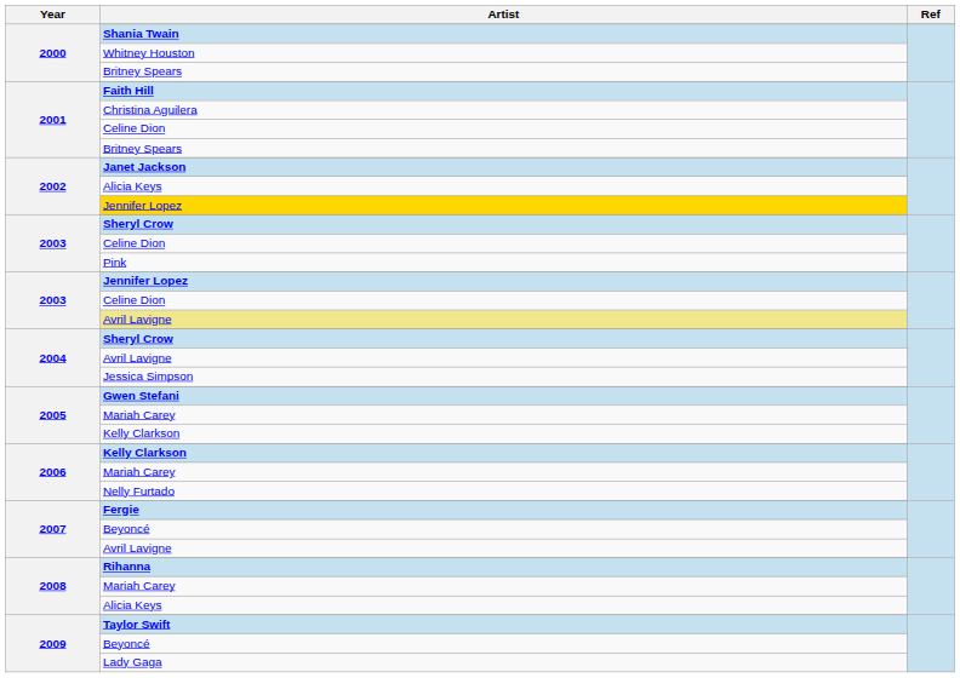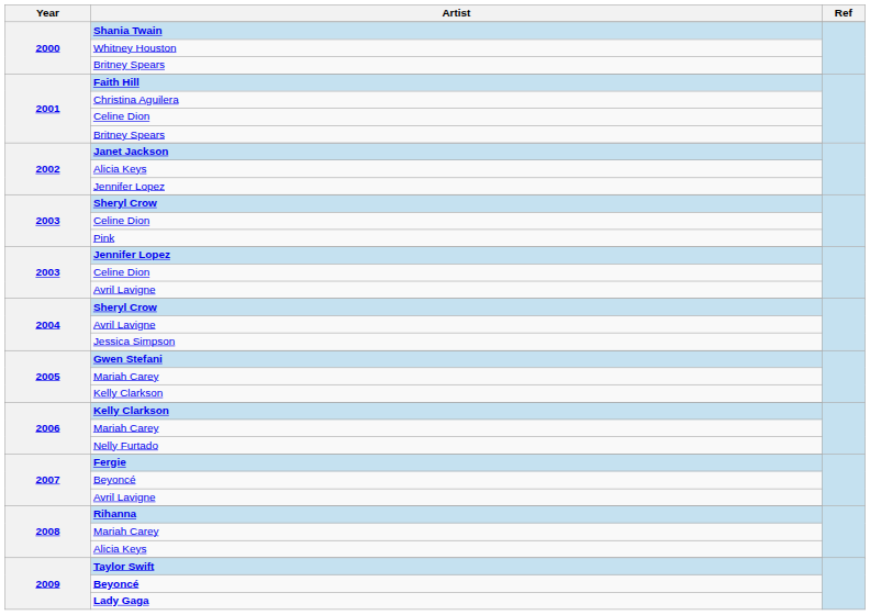 <table class="wikitable" width="100%">
 <tr>
 <th width="10%">Year</th>
 <th width="85%">Artist</th>
 <th width="5%">Ref</th>
 </tr>
 <tr>
 <th rowspan="4" align="center"><a href='#'>2000<br></a></th>
 </tr>
 <tr style="background:#c5e1f0">
 <td><strong><a href='#'>Shania Twain</a></strong></td>
 <td rowspan="4" align="center"></td>
 </tr>
 <tr>
 <td><a href='#'>Whitney Houston</a></td>
 </tr>
 <tr>
 <td><a href='#'>Britney Spears</a></td>
 </tr>
 <tr>
 <th rowspan="5" align="center"><a href='#'>2001<br></a></th>
 </tr>
 <tr style="background:#c5e1f0">
 <td><strong><a href='#'>Faith Hill</a></strong></td>
 <td rowspan="5" align="center"></td>
 </tr>
 <tr>
 <td><a href='#'>Christina Aguilera</a></td>
 </tr>
 <tr>
 <td><a href='#'>Celine Dion</a></td>
 </tr>
 <tr>
 <td><a href='#'>Britney Spears</a></td>
 </tr>
 <tr>
 <th rowspan="4" align="center"><a href='#'>2002<br></a></th>
 </tr>
 <tr style="background:#c5e1f0">
 <td><strong><a href='#'>Janet Jackson</a></strong></td>
 <td rowspan="4" align="center"></td>
 </tr>
 <tr>
 <td><a href='#'>Alicia Keys</a></td>
 </tr>
 <tr>
-<td style="background: gold;"><a href='#'>Jennifer Lopez</a></td>
+<td><a href='#'>Jennifer Lopez</a></td>
 </tr>
 <tr>
 <th rowspan="4" align="center"><a href='#'>2003<br></a></th>
 </tr>
 <tr style="background:#c5e1f0">
 <td><strong><a href='#'>Sheryl Crow</a></strong></td>
 <td rowspan="4" align="center"></td>
 </tr>
 <tr>
 <td><a href='#'>Celine Dion</a></td>
 </tr>
 <tr>
 <td><a href='#'>Pink</a></td>
 </tr>
 <tr>
 <th rowspan="4" align="center"><a href='#'>2003<br></a></th>
 </tr>
 <tr style="background:#c5e1f0">
 <td><strong><a href='#'>Jennifer Lopez</a></strong></td>
 <td rowspan="4" align="center"></td>
 </tr>
 <tr>
 <td><a href='#'>Celine Dion</a></td>
 </tr>
 <tr>
-<td style="background: khaki;"><a href='#'>Avril Lavigne</a></td>
+<td><a href='#'>Avril Lavigne</a></td>
 </tr>
 <tr>
 <th rowspan="4" align="center"><a href='#'>2004<br></a></th>
 </tr>
 <tr style="background:#c5e1f0">
 <td><strong><a href='#'>Sheryl Crow</a></strong></td>
 <td rowspan="4" align="center"></td>
 </tr>
 <tr>
 <td><a href='#'>Avril Lavigne</a></td>
 </tr>
 <tr>
 <td><a href='#'>Jessica Simpson</a></td>
 </tr>
 <tr>
 <th rowspan="4" align="center"><a href='#'>2005<br></a></th>
 </tr>
 <tr style="background:#c5e1f0">
 <td><strong><a href='#'>Gwen Stefani</a></strong></td>
 <td rowspan="4" align="center"></td>
 </tr>
 <tr>
 <td><a href='#'>Mariah Carey</a></td>
 </tr>
 <tr>
 <td><a href='#'>Kelly Clarkson</a></td>
 </tr>
 <tr>
 <th rowspan="4" align="center"><a href='#'>2006<br></a></th>
 </tr>
 <tr style="background:#c5e1f0">
 <td><strong><a href='#'>Kelly Clarkson</a></strong></td>
 <td rowspan="4" align="center"></td>
 </tr>
 <tr>
 <td><a href='#'>Mariah Carey</a></td>
 </tr>
 <tr>
 <td><a href='#'>Nelly Furtado</a></td>
 </tr>
 <tr>
 <th rowspan="4" align="center"><a href='#'>2007<br></a></th>
 </tr>
 <tr style="background:#c5e1f0">
 <td><strong><a href='#'>Fergie</a></strong></td>
 <td rowspan="4" align="center"></td>
 </tr>
 <tr>
 <td><a href='#'>Beyoncé</a></td>
 </tr>
 <tr>
 <td><a href='#'>Avril Lavigne</a></td>
 </tr>
 <tr>
 <th rowspan="4" align="center"><a href='#'>2008<br></a></th>
 </tr>
 <tr style="background:#c5e1f0">
 <td><strong><a href='#'>Rihanna</a></strong></td>
 <td rowspan="4" align="center"></td>
 </tr>
 <tr>
 <td><a href='#'>Mariah Carey</a></td>
 </tr>
 <tr>
 <td><a href='#'>Alicia Keys</a></td>
 </tr>
 <tr>
 <th rowspan="4" align="center"><a href='#'>2009<br></a></th>
 </tr>
 <tr style="background:#c5e1f0">
 <td><strong><a href='#'>Taylor Swift</a></strong></td>
 <td rowspan="4" align="center"></td>
 </tr>
 <tr>
-<td><a href='#'>Beyoncé</a></td>
+<td><strong><a href='#'>Beyoncé</a></strong></td>
 </tr>
 <tr>
-<td><a href='#'>Lady Gaga</a></td>
+<td><strong><a href='#'>Lady Gaga</a></strong></td>
 </tr>
 </table>
